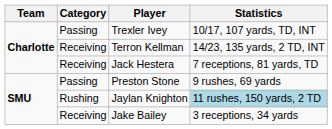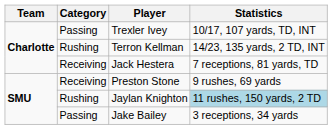 <table class="wikitable" style="float: right;">
 <tr>
 <th>Team</th>
 <th>Category</th>
 <th>Player</th>
 <th>Statistics</th>
 </tr>
 <tr>
 <td rowspan=3><strong>Charlotte</strong></td>
 <td>Passing</td>
 <td>Trexler Ivey</td>
 <td>10/17, 107 yards, TD, INT</td>
 </tr>
 <tr>
-<td>Receiving</td>
+<td>Rushing</td>
 <td>Terron Kellman</td>
 <td>14/23, 135 yards, 2 TD, INT</td>
 </tr>
 <tr>
 <td>Receiving</td>
 <td>Jack Hestera</td>
 <td>7 receptions, 81 yards, TD</td>
 </tr>
 <tr>
 <td rowspan=3><strong>SMU</strong></td>
-<td>Passing</td>
+<td>Receiving</td>
 <td>Preston Stone</td>
 <td>9 rushes, 69 yards</td>
 </tr>
 <tr>
 <td>Rushing</td>
 <td>Jaylan Knighton</td>
 <td style="background: lightblue;">11 rushes, 150 yards, 2 TD</td>
 </tr>
 <tr>
-<td>Receiving</td>
+<td>Passing</td>
 <td>Jake Bailey</td>
 <td>3 receptions, 34 yards</td>
 </tr>
 </table>
